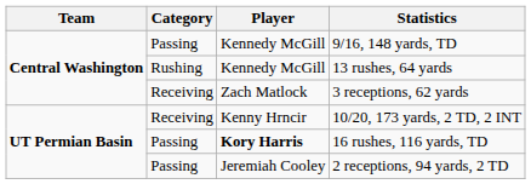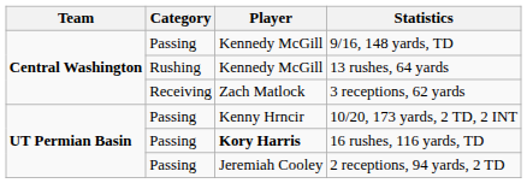 <table class="wikitable" style="float: right;">
 <tr>
 <th>Team</th>
 <th>Category</th>
 <th>Player</th>
 <th>Statistics</th>
 </tr>
 <tr>
 <td rowspan=3><strong>Central Washington</strong></td>
 <td>Passing</td>
 <td>Kennedy McGill</td>
 <td>9/16, 148 yards, TD</td>
 </tr>
 <tr>
 <td>Rushing</td>
 <td>Kennedy McGill</td>
 <td>13 rushes, 64 yards</td>
 </tr>
 <tr>
 <td>Receiving</td>
 <td>Zach Matlock</td>
 <td>3 receptions, 62 yards</td>
 </tr>
 <tr>
 <td rowspan=3><strong>UT Permian Basin</strong></td>
-<td>Receiving</td>
+<td>Passing</td>
 <td>Kenny Hrncir</td>
 <td>10/20, 173 yards, 2 TD, 2 INT</td>
 </tr>
 <tr>
 <td>Passing</td>
 <td><strong>Kory Harris</strong></td>
 <td>16 rushes, 116 yards, TD</td>
 </tr>
 <tr>
 <td>Passing</td>
 <td>Jeremiah Cooley</td>
 <td>2 receptions, 94 yards, 2 TD</td>
 </tr>
 </table>
